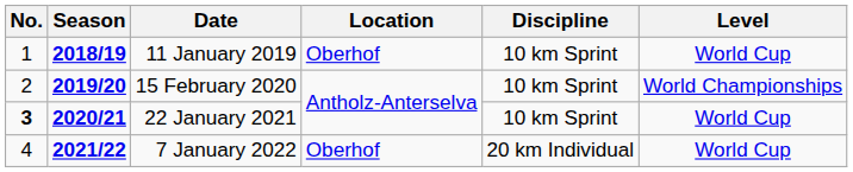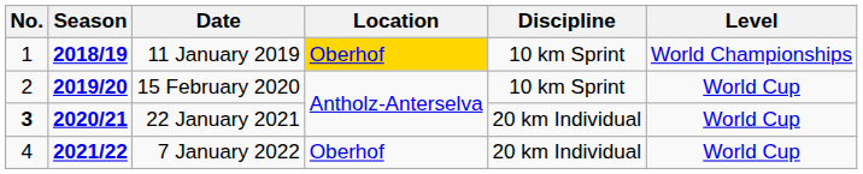 <table class="wikitable" style="text-align:center;">
 <tr>
 <th>No.</th>
 <th>Season</th>
 <th>Date</th>
 <th>Location</th>
 <th>Discipline</th>
 <th>Level</th>
 </tr>
 <tr>
 <td>1</td>
 <td><strong><a href='#'>2018/19</a></strong></td>
 <td align="right">11 January 2019</td>
-<td align="left"> <a href='#'>Oberhof</a></td>
+<td align="left" style="background: gold;"> <a href='#'>Oberhof</a></td>
 <td>10 km Sprint</td>
-<td><a href='#'>World Cup</a></td>
+<td><a href='#'>World Championships</a></td>
 </tr>
 <tr>
 <td>2</td>
 <td><strong><a href='#'>2019/20</a></strong></td>
 <td align="right">15 February 2020</td>
 <td align="left" rowspan=2> <a href='#'>Antholz-Anterselva</a></td>
 <td>10 km Sprint</td>
-<td><a href='#'>World Championships</a></td>
+<td><a href='#'>World Cup</a></td>
 </tr>
 <tr>
 <td><strong>3</strong></td>
 <td><strong><a href='#'>2020/21</a></strong></td>
 <td align="right">22 January 2021</td>
-<td>10 km Sprint</td>
+<td>20 km Individual</td>
 <td><a href='#'>World Cup</a></td>
 </tr>
 <tr>
 <td>4</td>
 <td><strong><a href='#'>2021/22</a></strong></td>
 <td align="right">7 January 2022</td>
 <td align="left"> <a href='#'>Oberhof</a></td>
 <td>20 km Individual</td>
 <td><a href='#'>World Cup</a></td>
 </tr>
 </table>
